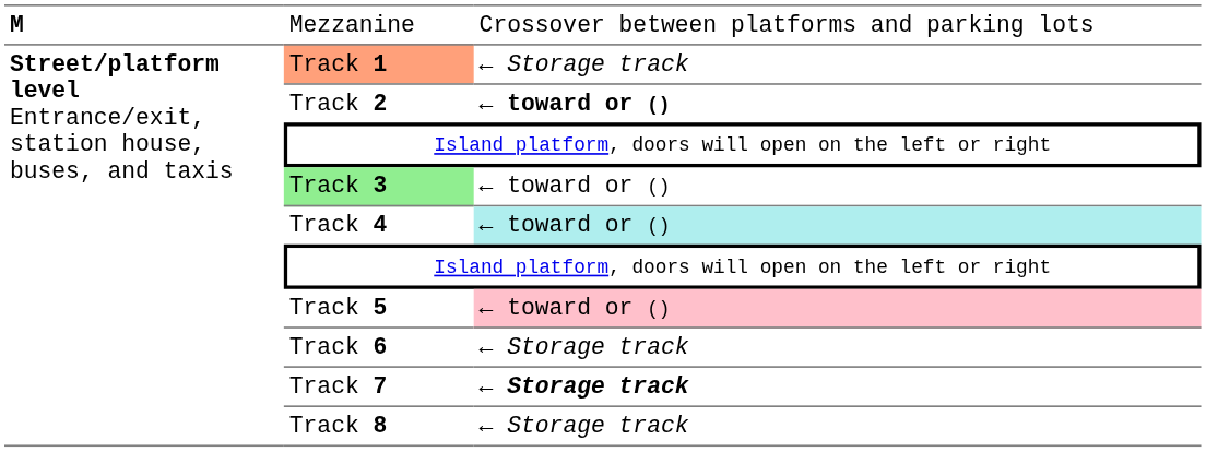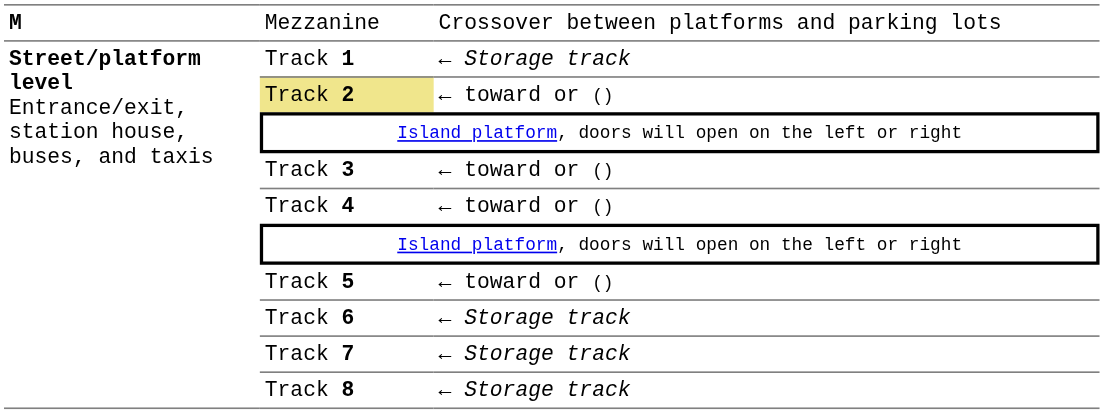 <table border=0 cellspacing=0 cellpadding=3>
 <tr>
 <td style="border-top:solid 1px gray;" width=150><strong>M</strong></td>
 <td style="border-top:solid 1px gray;" width=100>Mezzanine</td>
 <td style="border-top:solid 1px gray;" width=400>Crossover between platforms and parking lots</td>
 </tr>
 <tr>
 <td style="border-top:solid 1px gray;border-bottom:solid 1px gray;" rowspan=10 valign=top><strong>Street/platform level</strong><br>Entrance/exit, station house, buses, and taxis</td>
-<td style="background: lightsalmon; border-top:solid 1px gray;">Track <strong>1</strong></td>
+<td style="border-top:solid 1px gray;">Track <strong>1</strong></td>
 <td style="border-top:solid 1px gray;">← <em>Storage track</em></td>
 </tr>
 <tr>
-<td style="border-top:solid 1px gray;">Track <strong>2</strong></td>
-<td style="border-top:solid 1px gray;"><strong>←  toward  or  <small>()</small></strong></td>
+<td style="background: khaki; border-top:solid 1px gray;">Track <strong>2</strong></td>
+<td style="border-top:solid 1px gray;">←  toward  or  <small>()</small></td>
 </tr>
 <tr>
 <td style="border-top:solid 2px black;border-right:solid 2px black;border-left:solid 2px black;border-bottom:solid 2px black;text-align:center;" colspan=2><small><a href='#'>Island platform</a>, doors will open on the left or right</small> </td>
 </tr>
 <tr>
-<td style="background: lightgreen; border-bottom:solid 1px gray">Track <strong>3</strong></td>
+<td style="border-bottom:solid 1px gray">Track <strong>3</strong></td>
 <td style="border-bottom:solid 1px gray">←  toward  or  <small>()</small></td>
 </tr>
 <tr>
 <td>Track <strong>4</strong></td>
-<td style="background: paleturquoise;">←  toward  or  <small>()</small></td>
+<td>←  toward  or  <small>()</small></td>
 </tr>
 <tr>
 <td style="border-top:solid 2px black;border-right:solid 2px black;border-left:solid 2px black;border-bottom:solid 2px black;text-align:center;" colspan=2><small><a href='#'>Island platform</a>, doors will open on the left or right</small> </td>
 </tr>
 <tr>
 <td style="border-bottom:solid 1px gray">Track <strong>5</strong></td>
-<td style="background: pink; border-bottom:solid 1px gray">←  toward  or  <small>()</small></td>
+<td style="border-bottom:solid 1px gray">←  toward  or  <small>()</small></td>
 </tr>
 <tr>
 <td style="border-bottom:solid 1px gray">Track <strong>6</strong></td>
 <td style="border-bottom:solid 1px gray">← <em>Storage track</em></td>
 </tr>
 <tr>
 <td style="border-bottom:solid 1px gray">Track <strong>7</strong></td>
-<td style="border-bottom:solid 1px gray"><strong>← <em>Storage track</em></strong></td>
+<td style="border-bottom:solid 1px gray">← <em>Storage track</em></td>
 </tr>
 <tr>
 <td style="border-bottom:solid 1px gray">Track <strong>8</strong></td>
 <td style="border-bottom:solid 1px gray">← <em>Storage track</em></td>
 </tr>
 </table>
